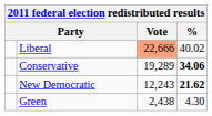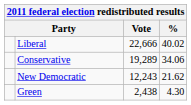 <table class="wikitable">
 <tr>
 <th colspan="4"><a href='#'>2011 federal election</a> redistributed results</th>
 </tr>
 <tr>
 <th width="130" bgcolor="#ddddff" colspan="2">Party</th>
 <th width="50" bgcolor="#ddddff">Vote</th>
 <th width="30" bgcolor="#ddddff">%</th>
 </tr>
 <tr>
 <td> </td>
 <td><a href='#'>Liberal</a></td>
-<td align=right style="background: lightsalmon;">22,666</td>
+<td align=right>22,666</td>
 <td align=right>40.02</td>
 </tr>
 <tr>
 <td> </td>
 <td><a href='#'>Conservative</a></td>
 <td align=right>19,289</td>
-<td align=right><strong>34.06</strong></td>
+<td align=right>34.06</td>
 </tr>
 <tr>
 <td> </td>
 <td><a href='#'>New Democratic</a></td>
 <td align=right>12,243</td>
-<td align=right><strong>21.62</strong></td>
+<td align=right>21.62</td>
 </tr>
 <tr>
 <td> </td>
 <td><a href='#'>Green</a></td>
 <td align=right>2,438</td>
 <td align=right>4.30</td>
 </tr>
 </table>
